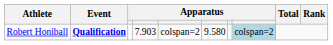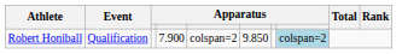 <table class="wikitable" style="font-size:90%">
 <tr>
 <th rowspan=2>Athlete</th>
 <th rowspan=2>Event</th>
 <th colspan=6>Apparatus</th>
 <th rowspan=2>Total</th>
 <th rowspan=2>Rank</th>
 </tr>
 <tr style="font-size:95%">
 <th></th>
 <th></th>
 <th></th>
 <th></th>
 <th></th>
 <th></th>
 </tr>
 <tr align=center>
 <td align=left><a href='#'>Robert Honiball</a></td>
-<td align=left><strong><a href='#'>Qualification</a></strong></td>
+<td align=left><a href='#'>Qualification</a></td>
 <td></td>
-<td>7.903</td>
+<td>7.900</td>
 <td>colspan=2 </td>
-<td>9.580</td>
+<td>9.850</td>
 <td></td>
 <td style="background: lightblue;">colspan=2 </td>
 </tr>
 </table>
